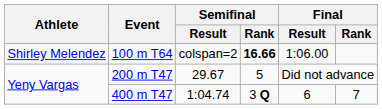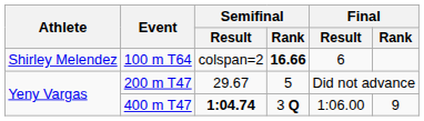 <table class="wikitable" style="font-size:90%">
 <tr>
 <th rowspan="2">Athlete</th>
 <th rowspan="2">Event</th>
 <th colspan="2">Semifinal</th>
 <th colspan="2">Final</th>
 </tr>
 <tr style="font-size:95%">
 <th>Result</th>
 <th>Rank</th>
 <th>Result</th>
 <th>Rank</th>
 </tr>
 <tr align=center>
 <td align=left><a href='#'>Shirley Melendez</a></td>
 <td align=left><a href='#'>100 m T64</a></td>
 <td>colspan=2 </td>
 <td><strong>16.66</strong></td>
-<td>1:06.00</td>
+<td>6</td>
 </tr>
 <tr align=center>
 <td align=left rowspan=2><a href='#'>Yeny Vargas</a></td>
 <td align=left><a href='#'>200 m T47</a></td>
 <td>29.67</td>
 <td>5</td>
 <td colspan=2>Did not advance</td>
 </tr>
 <tr align=center>
 <td align=left><a href='#'>400 m T47</a></td>
-<td>1:04.74</td>
+<td><strong>1:04.74</strong></td>
 <td>3 <strong>Q</strong></td>
-<td>6</td>
-<td>7</td>
+<td>1:06.00</td>
+<td>9</td>
 </tr>
 </table>
